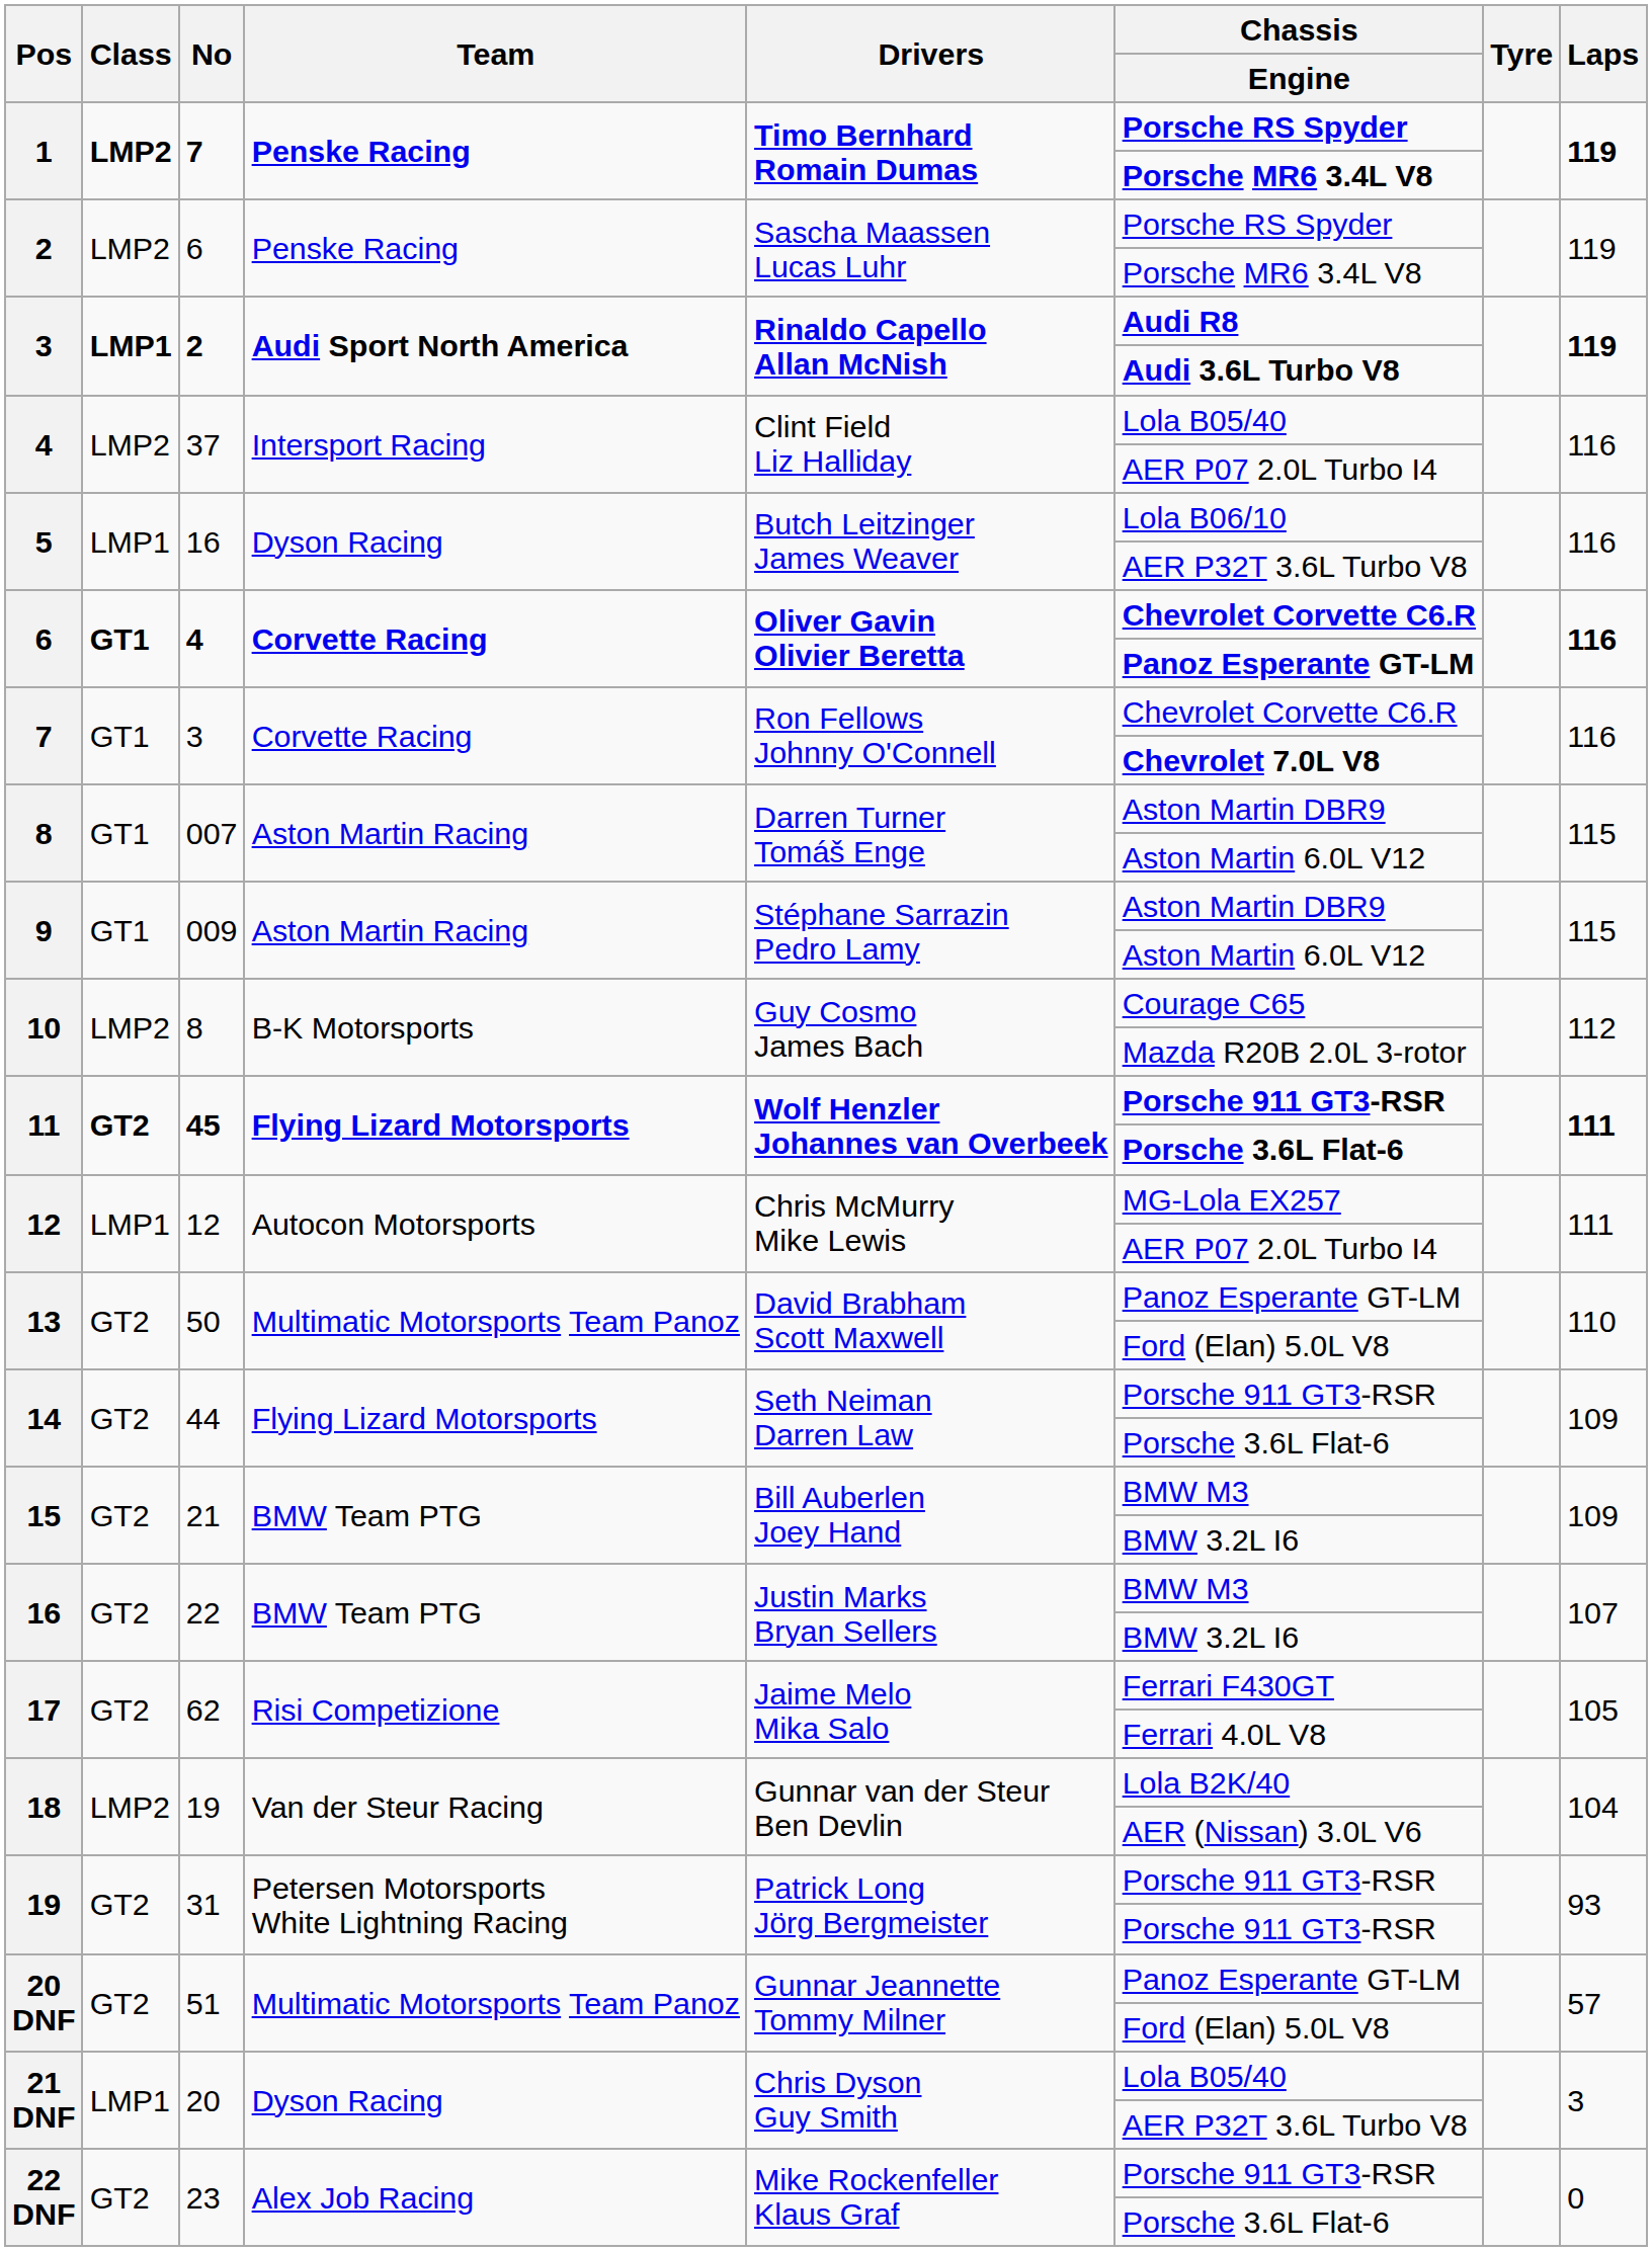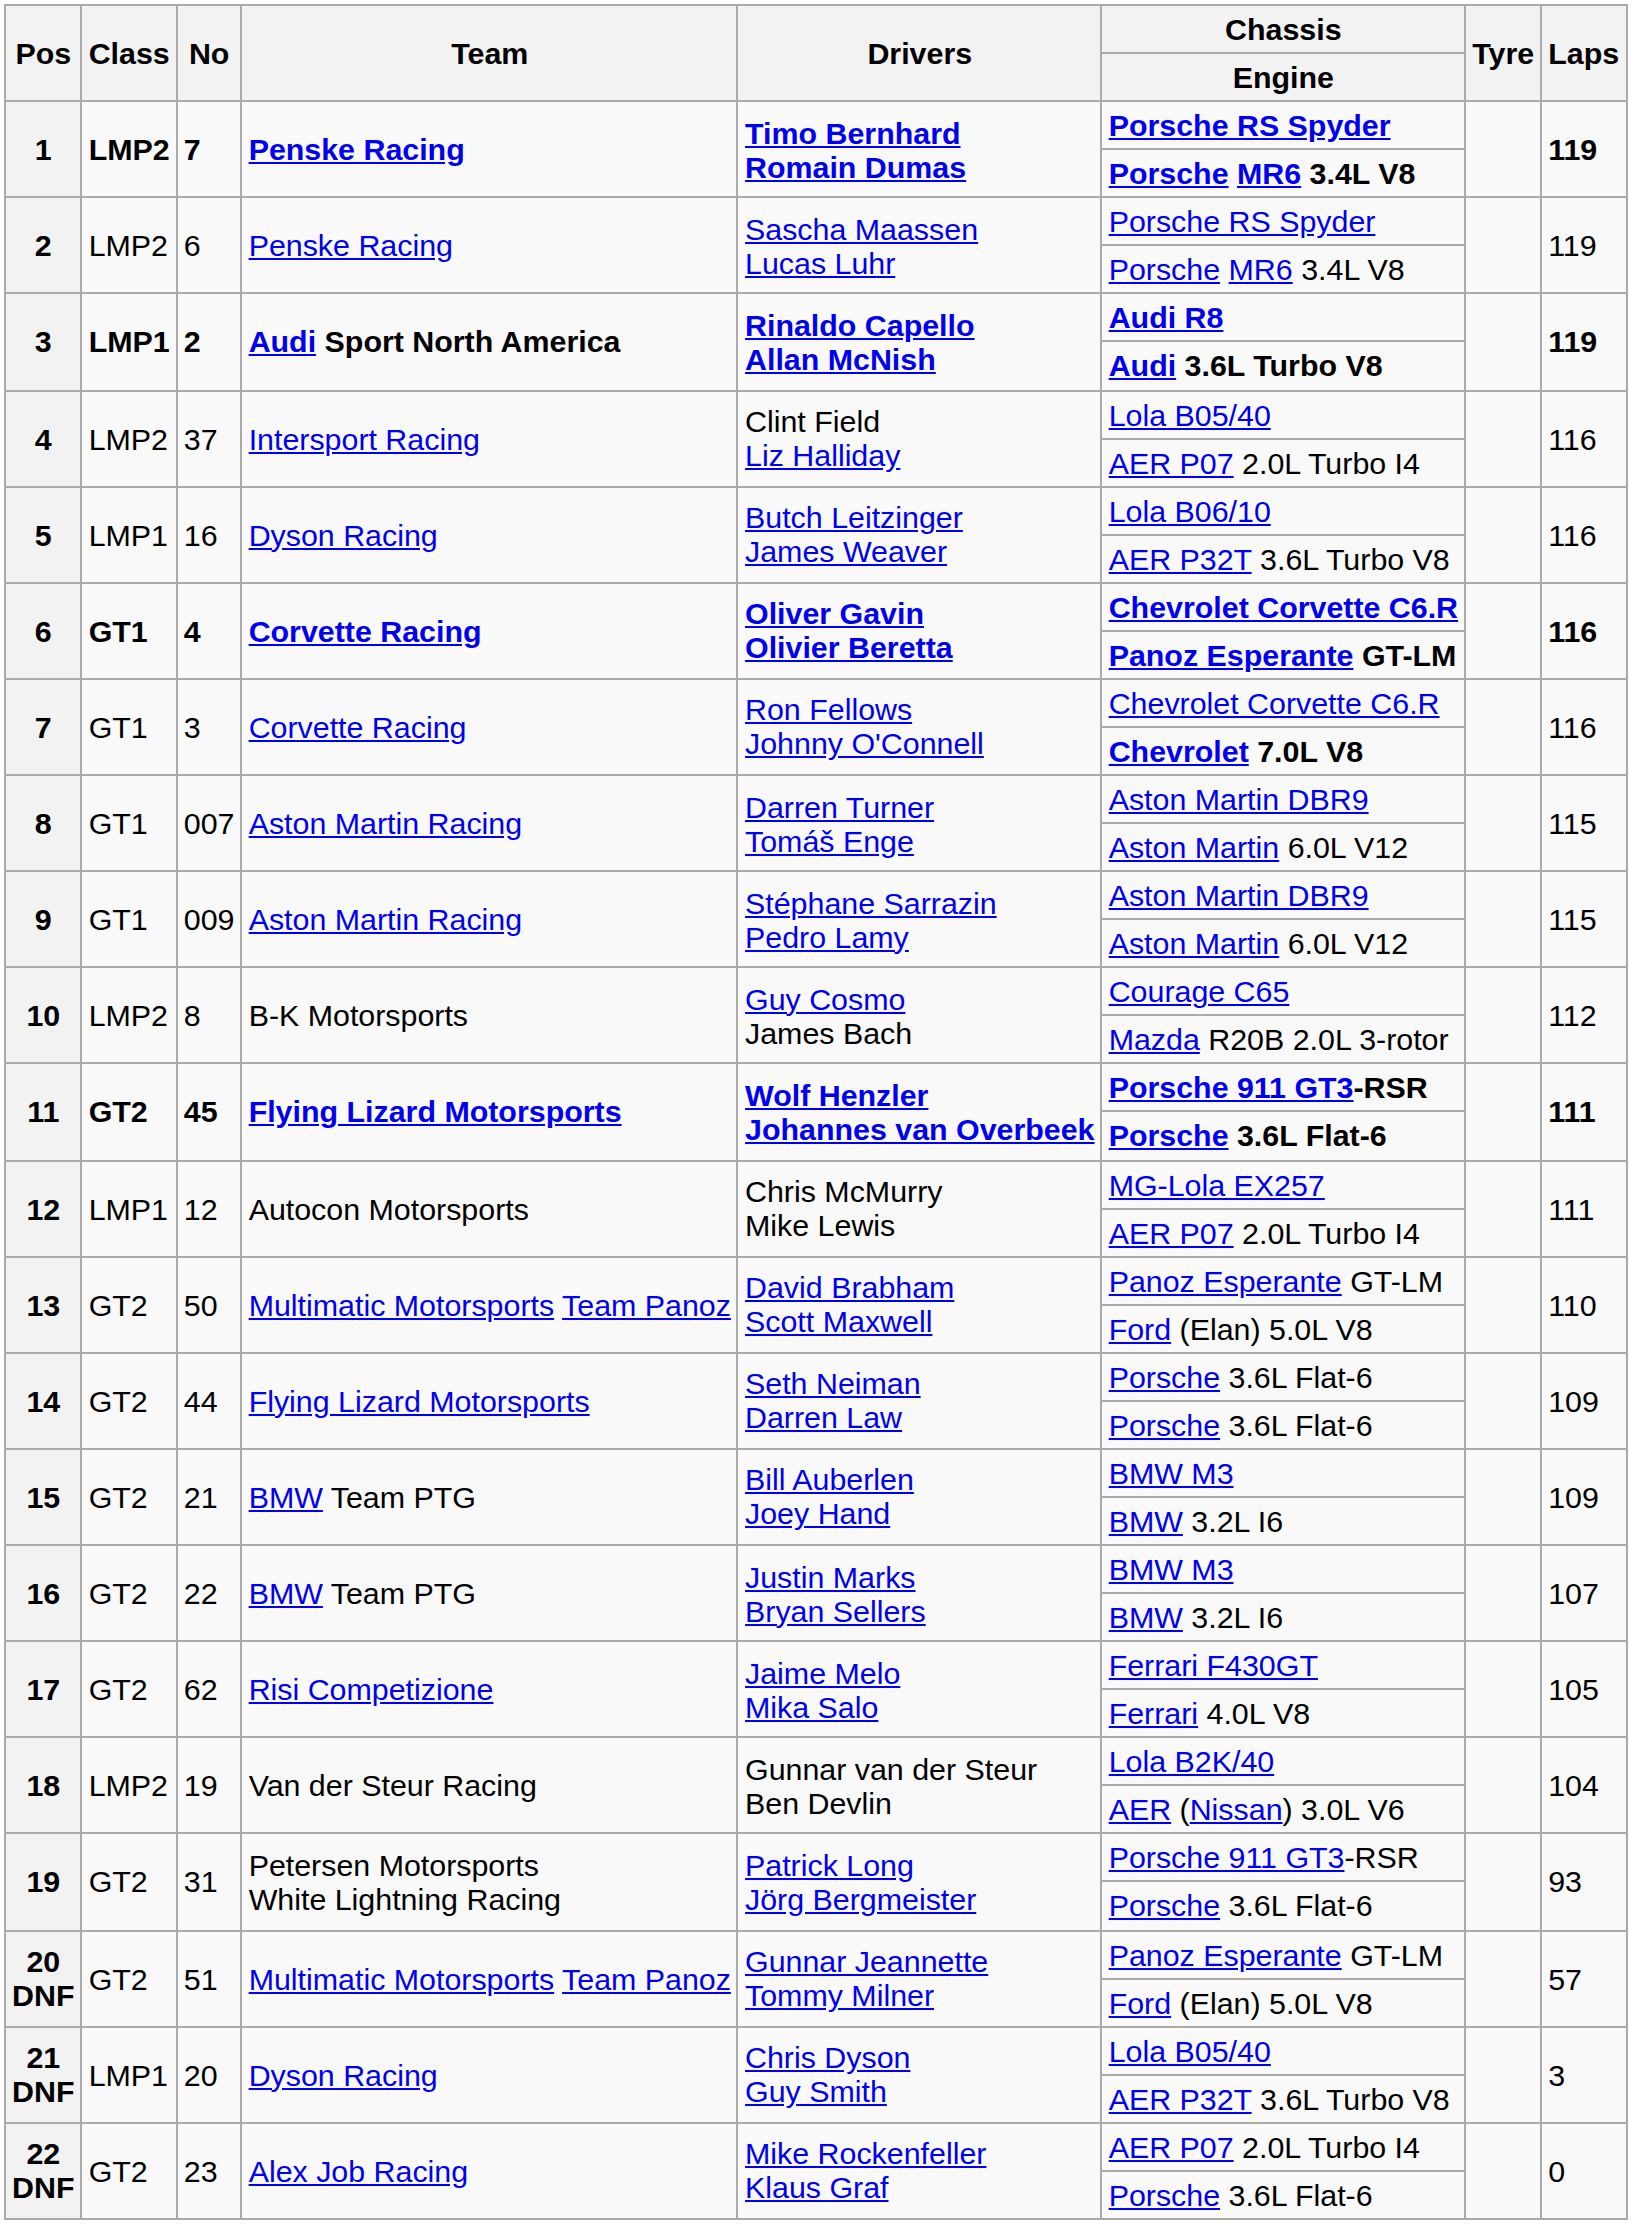 <table class="wikitable" style="font-size: 95%;">
 <tr>
 <th rowspan=2>Pos</th>
 <th rowspan=2>Class</th>
 <th rowspan=2>No</th>
 <th rowspan=2>Team</th>
 <th rowspan=2>Drivers</th>
 <th>Chassis</th>
 <th rowspan=2>Tyre</th>
 <th rowspan=2>Laps</th>
 </tr>
 <tr>
 <th>Engine</th>
 </tr>
 <tr style="font-weight:bold">
 <th rowspan=2>1</th>
 <td rowspan=2>LMP2</td>
 <td rowspan=2>7</td>
 <td rowspan=2> <a href='#'>Penske Racing</a></td>
 <td rowspan=2> <a href='#'>Timo Bernhard</a><br> <a href='#'>Romain Dumas</a></td>
 <td><a href='#'>Porsche RS Spyder</a></td>
 <td rowspan=2></td>
 <td rowspan=2>119</td>
 </tr>
 <tr style="font-weight:bold">
 <td><a href='#'>Porsche</a> <a href='#'>MR6</a> 3.4L V8</td>
 </tr>
 <tr>
 <th rowspan=2>2</th>
 <td rowspan=2>LMP2</td>
 <td rowspan=2>6</td>
 <td rowspan=2> <a href='#'>Penske Racing</a></td>
 <td rowspan=2> <a href='#'>Sascha Maassen</a><br> <a href='#'>Lucas Luhr</a></td>
 <td><a href='#'>Porsche RS Spyder</a></td>
 <td rowspan=2></td>
 <td rowspan=2>119</td>
 </tr>
 <tr>
 <td><a href='#'>Porsche</a> <a href='#'>MR6</a> 3.4L V8</td>
 </tr>
 <tr style="font-weight:bold">
 <th rowspan=2>3</th>
 <td rowspan=2>LMP1</td>
 <td rowspan=2>2</td>
 <td rowspan=2> <a href='#'>Audi</a> Sport North America</td>
 <td rowspan=2> <a href='#'>Rinaldo Capello</a><br> <a href='#'>Allan McNish</a></td>
 <td><a href='#'>Audi R8</a></td>
 <td rowspan=2></td>
 <td rowspan=2>119</td>
 </tr>
 <tr style="font-weight:bold">
 <td><a href='#'>Audi</a> 3.6L Turbo V8</td>
 </tr>
 <tr>
 <th rowspan=2>4</th>
 <td rowspan=2>LMP2</td>
 <td rowspan=2>37</td>
 <td rowspan=2> <a href='#'>Intersport Racing</a></td>
 <td rowspan=2> Clint Field<br> <a href='#'>Liz Halliday</a></td>
 <td><a href='#'>Lola B05/40</a></td>
 <td rowspan=2></td>
 <td rowspan=2>116</td>
 </tr>
 <tr>
 <td><a href='#'>AER P07</a> 2.0L Turbo I4</td>
 </tr>
 <tr>
 <th rowspan=2>5</th>
 <td rowspan=2>LMP1</td>
 <td rowspan=2>16</td>
 <td rowspan=2> <a href='#'>Dyson Racing</a></td>
 <td rowspan=2> <a href='#'>Butch Leitzinger</a><br> <a href='#'>James Weaver</a></td>
 <td><a href='#'>Lola B06/10</a></td>
 <td rowspan=2></td>
 <td rowspan=2>116</td>
 </tr>
 <tr>
 <td><a href='#'>AER P32T</a> 3.6L Turbo V8</td>
 </tr>
 <tr style="font-weight:bold">
 <th rowspan=2>6</th>
 <td rowspan=2>GT1</td>
 <td rowspan=2>4</td>
 <td rowspan=2> <a href='#'>Corvette Racing</a></td>
 <td rowspan=2> <a href='#'>Oliver Gavin</a><br> <a href='#'>Olivier Beretta</a></td>
 <td><a href='#'>Chevrolet Corvette C6.R</a></td>
 <td rowspan=2></td>
 <td rowspan=2>116</td>
 </tr>
 <tr style="font-weight:bold">
 <td><a href='#'>Panoz Esperante</a> GT-LM</td>
 </tr>
 <tr>
 <th rowspan=2>7</th>
 <td rowspan=2>GT1</td>
 <td rowspan=2>3</td>
 <td rowspan=2> <a href='#'>Corvette Racing</a></td>
 <td rowspan=2> <a href='#'>Ron Fellows</a><br> <a href='#'>Johnny O'Connell</a></td>
 <td><a href='#'>Chevrolet Corvette C6.R</a></td>
 <td rowspan=2></td>
 <td rowspan=2>116</td>
 </tr>
 <tr>
 <td><strong><a href='#'>Chevrolet</a> 7.0L V8</strong></td>
 </tr>
 <tr>
 <th rowspan=2>8</th>
 <td rowspan=2>GT1</td>
 <td rowspan=2>007</td>
 <td rowspan=2> <a href='#'>Aston Martin Racing</a></td>
 <td rowspan=2> <a href='#'>Darren Turner</a><br> <a href='#'>Tomáš Enge</a></td>
 <td><a href='#'>Aston Martin DBR9</a></td>
 <td rowspan=2></td>
 <td rowspan=2>115</td>
 </tr>
 <tr>
 <td><a href='#'>Aston Martin</a> 6.0L V12</td>
 </tr>
 <tr>
 <th rowspan=2>9</th>
 <td rowspan=2>GT1</td>
 <td rowspan=2>009</td>
 <td rowspan=2> <a href='#'>Aston Martin Racing</a></td>
 <td rowspan=2> <a href='#'>Stéphane Sarrazin</a><br> <a href='#'>Pedro Lamy</a></td>
 <td><a href='#'>Aston Martin DBR9</a></td>
 <td rowspan=2></td>
 <td rowspan=2>115</td>
 </tr>
 <tr>
 <td><a href='#'>Aston Martin</a> 6.0L V12</td>
 </tr>
 <tr>
 <th rowspan=2>10</th>
 <td rowspan=2>LMP2</td>
 <td rowspan=2>8</td>
 <td rowspan=2> B-K Motorsports</td>
 <td rowspan=2> <a href='#'>Guy Cosmo</a><br> James Bach</td>
 <td><a href='#'>Courage C65</a></td>
 <td rowspan=2></td>
 <td rowspan=2>112</td>
 </tr>
 <tr>
 <td><a href='#'>Mazda</a> R20B 2.0L 3-rotor</td>
 </tr>
 <tr style="font-weight:bold">
 <th rowspan=2>11</th>
 <td rowspan=2>GT2</td>
 <td rowspan=2>45</td>
 <td rowspan=2> <a href='#'>Flying Lizard Motorsports</a></td>
 <td rowspan=2> <a href='#'>Wolf Henzler</a><br> <a href='#'>Johannes van Overbeek</a></td>
 <td><a href='#'>Porsche 911 GT3</a>-RSR</td>
 <td rowspan=2></td>
 <td rowspan=2>111</td>
 </tr>
 <tr style="font-weight:bold">
 <td><a href='#'>Porsche</a> 3.6L Flat-6</td>
 </tr>
 <tr>
 <th rowspan=2>12</th>
 <td rowspan=2>LMP1</td>
 <td rowspan=2>12</td>
 <td rowspan=2> Autocon Motorsports</td>
 <td rowspan=2> Chris McMurry<br> Mike Lewis</td>
 <td><a href='#'>MG-Lola EX257</a></td>
 <td rowspan=2></td>
 <td rowspan=2>111</td>
 </tr>
 <tr>
 <td><a href='#'>AER P07</a> 2.0L Turbo I4</td>
 </tr>
 <tr>
 <th rowspan=2>13</th>
 <td rowspan=2>GT2</td>
 <td rowspan=2>50</td>
 <td rowspan=2> <a href='#'>Multimatic Motorsports</a> <a href='#'>Team Panoz</a></td>
 <td rowspan=2> <a href='#'>David Brabham</a><br> <a href='#'>Scott Maxwell</a></td>
 <td><a href='#'>Panoz Esperante</a> GT-LM</td>
 <td rowspan=2></td>
 <td rowspan=2>110</td>
 </tr>
 <tr>
 <td><a href='#'>Ford</a> (Elan) 5.0L V8</td>
 </tr>
 <tr>
 <th rowspan=2>14</th>
 <td rowspan=2>GT2</td>
 <td rowspan=2>44</td>
 <td rowspan=2> <a href='#'>Flying Lizard Motorsports</a></td>
 <td rowspan=2> <a href='#'>Seth Neiman</a><br> <a href='#'>Darren Law</a></td>
-<td><a href='#'>Porsche 911 GT3</a>-RSR</td>
+<td><a href='#'>Porsche</a> 3.6L Flat-6</td>
 <td rowspan=2></td>
 <td rowspan=2>109</td>
 </tr>
 <tr>
 <td><a href='#'>Porsche</a> 3.6L Flat-6</td>
 </tr>
 <tr>
 <th rowspan=2>15</th>
 <td rowspan=2>GT2</td>
 <td rowspan=2>21</td>
 <td rowspan=2> <a href='#'>BMW</a> Team PTG</td>
 <td rowspan=2> <a href='#'>Bill Auberlen</a><br> <a href='#'>Joey Hand</a></td>
 <td><a href='#'>BMW M3</a></td>
 <td rowspan=2></td>
 <td rowspan=2>109</td>
 </tr>
 <tr>
 <td><a href='#'>BMW</a> 3.2L I6</td>
 </tr>
 <tr>
 <th rowspan=2>16</th>
 <td rowspan=2>GT2</td>
 <td rowspan=2>22</td>
 <td rowspan=2> <a href='#'>BMW</a> Team PTG</td>
 <td rowspan=2> <a href='#'>Justin Marks</a><br> <a href='#'>Bryan Sellers</a></td>
 <td><a href='#'>BMW M3</a></td>
 <td rowspan=2></td>
 <td rowspan=2>107</td>
 </tr>
 <tr>
 <td><a href='#'>BMW</a> 3.2L I6</td>
 </tr>
 <tr>
 <th rowspan=2>17</th>
 <td rowspan=2>GT2</td>
 <td rowspan=2>62</td>
 <td rowspan=2> <a href='#'>Risi Competizione</a></td>
 <td rowspan=2> <a href='#'>Jaime Melo</a><br> <a href='#'>Mika Salo</a></td>
 <td><a href='#'>Ferrari F430GT</a></td>
 <td rowspan=2></td>
 <td rowspan=2>105</td>
 </tr>
 <tr>
 <td><a href='#'>Ferrari</a> 4.0L V8</td>
 </tr>
 <tr>
 <th rowspan=2>18</th>
 <td rowspan=2>LMP2</td>
 <td rowspan=2>19</td>
 <td rowspan=2> Van der Steur Racing</td>
 <td rowspan=2> Gunnar van der Steur<br> Ben Devlin</td>
 <td><a href='#'>Lola B2K/40</a></td>
 <td rowspan=2></td>
 <td rowspan=2>104</td>
 </tr>
 <tr>
 <td><a href='#'>AER</a> (<a href='#'>Nissan</a>) 3.0L V6</td>
 </tr>
 <tr>
 <th rowspan=2>19</th>
 <td rowspan=2>GT2</td>
 <td rowspan=2>31</td>
 <td rowspan=2> Petersen Motorsports<br> White Lightning Racing</td>
 <td rowspan=2> <a href='#'>Patrick Long</a><br> <a href='#'>Jörg Bergmeister</a></td>
 <td><a href='#'>Porsche 911 GT3</a>-RSR</td>
 <td rowspan=2></td>
 <td rowspan=2>93</td>
 </tr>
 <tr>
-<td><a href='#'>Porsche 911 GT3</a>-RSR</td>
+<td><a href='#'>Porsche</a> 3.6L Flat-6</td>
 </tr>
 <tr>
 <th rowspan=2>20<br>DNF</th>
 <td rowspan=2>GT2</td>
 <td rowspan=2>51</td>
 <td rowspan=2> <a href='#'>Multimatic Motorsports</a> <a href='#'>Team Panoz</a></td>
 <td rowspan=2> <a href='#'>Gunnar Jeannette</a><br> <a href='#'>Tommy Milner</a></td>
 <td><a href='#'>Panoz Esperante</a> GT-LM</td>
 <td rowspan=2></td>
 <td rowspan=2>57</td>
 </tr>
 <tr>
 <td><a href='#'>Ford</a> (Elan) 5.0L V8</td>
 </tr>
 <tr>
 <th rowspan=2>21<br>DNF</th>
 <td rowspan=2>LMP1</td>
 <td rowspan=2>20</td>
 <td rowspan=2> <a href='#'>Dyson Racing</a></td>
 <td rowspan=2> <a href='#'>Chris Dyson</a><br> <a href='#'>Guy Smith</a></td>
 <td><a href='#'>Lola B05/40</a></td>
 <td rowspan=2></td>
 <td rowspan=2>3</td>
 </tr>
 <tr>
 <td><a href='#'>AER P32T</a> 3.6L Turbo V8</td>
 </tr>
 <tr>
 <th rowspan=2>22<br>DNF</th>
 <td rowspan=2>GT2</td>
 <td rowspan=2>23</td>
 <td rowspan=2> <a href='#'>Alex Job Racing</a></td>
 <td rowspan=2> <a href='#'>Mike Rockenfeller</a><br> <a href='#'>Klaus Graf</a></td>
-<td><a href='#'>Porsche 911 GT3</a>-RSR</td>
+<td><a href='#'>AER P07</a> 2.0L Turbo I4</td>
 <td rowspan=2></td>
 <td rowspan=2>0</td>
 </tr>
 <tr>
 <td><a href='#'>Porsche</a> 3.6L Flat-6</td>
 </tr>
 </table>
